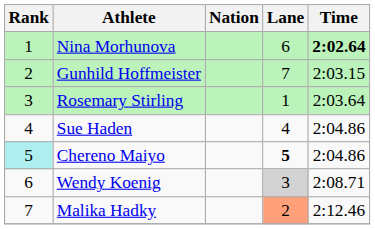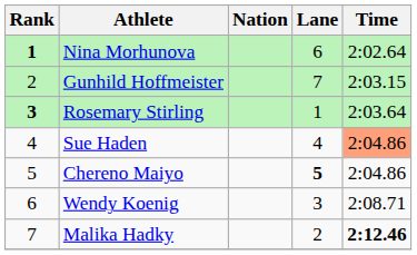 <table class="wikitable sortable" style="text-align:center">
 <tr>
 <th>Rank</th>
 <th>Athlete</th>
 <th>Nation</th>
 <th>Lane</th>
 <th>Time</th>
 </tr>
 <tr bgcolor=bbf3bb>
-<td>1</td>
+<td><strong>1</strong></td>
 <td align=left><a href='#'>Nina Morhunova</a></td>
 <td align=left></td>
 <td>6</td>
-<td><strong>2:02.64</strong></td>
+<td>2:02.64</td>
 </tr>
 <tr bgcolor=bbf3bb>
 <td>2</td>
 <td align=left><a href='#'>Gunhild Hoffmeister</a></td>
 <td align=left></td>
 <td>7</td>
 <td>2:03.15</td>
 </tr>
 <tr bgcolor=bbf3bb>
-<td>3</td>
+<td><strong>3</strong></td>
 <td align=left><a href='#'>Rosemary Stirling</a></td>
 <td align=left></td>
 <td>1</td>
 <td>2:03.64</td>
 </tr>
 <tr>
 <td>4</td>
 <td align=left><a href='#'>Sue Haden</a></td>
 <td align=left></td>
 <td>4</td>
-<td>2:04.86</td>
+<td style="background: lightsalmon;">2:04.86</td>
 </tr>
 <tr>
-<td style="background: paleturquoise;">5</td>
+<td>5</td>
 <td align=left><a href='#'>Chereno Maiyo</a></td>
 <td align=left></td>
 <td><strong>5</strong></td>
 <td>2:04.86</td>
 </tr>
 <tr>
 <td>6</td>
 <td align=left><a href='#'>Wendy Koenig</a></td>
 <td align=left></td>
-<td style="background: lightgrey;">3</td>
+<td>3</td>
 <td>2:08.71</td>
 </tr>
 <tr>
 <td>7</td>
 <td align=left><a href='#'>Malika Hadky</a></td>
 <td align=left></td>
-<td style="background: lightsalmon;">2</td>
-<td>2:12.46</td>
+<td>2</td>
+<td><strong>2:12.46</strong></td>
 </tr>
 <tr>
 </tr>
 </table>
